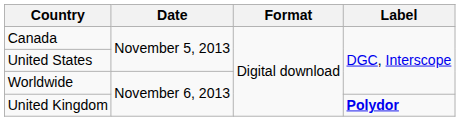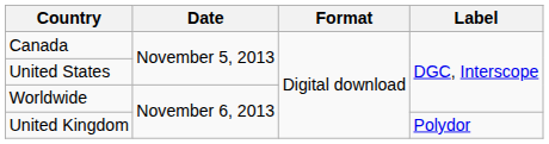 <table class="wikitable">
 <tr>
 <th>Country</th>
 <th>Date</th>
 <th>Format</th>
 <th>Label</th>
 </tr>
 <tr>
 <td>Canada</td>
 <td rowspan="2">November 5, 2013</td>
 <td rowspan="4">Digital download</td>
 <td rowspan="3"><a href='#'>DGC</a>, <a href='#'>Interscope</a></td>
 </tr>
 <tr>
 <td>United States</td>
 </tr>
 <tr>
 <td>Worldwide</td>
 <td rowspan="2">November 6, 2013</td>
 </tr>
 <tr>
 <td>United Kingdom</td>
-<td><strong><a href='#'>Polydor</a></strong></td>
+<td><a href='#'>Polydor</a></td>
 </tr>
 </table>
